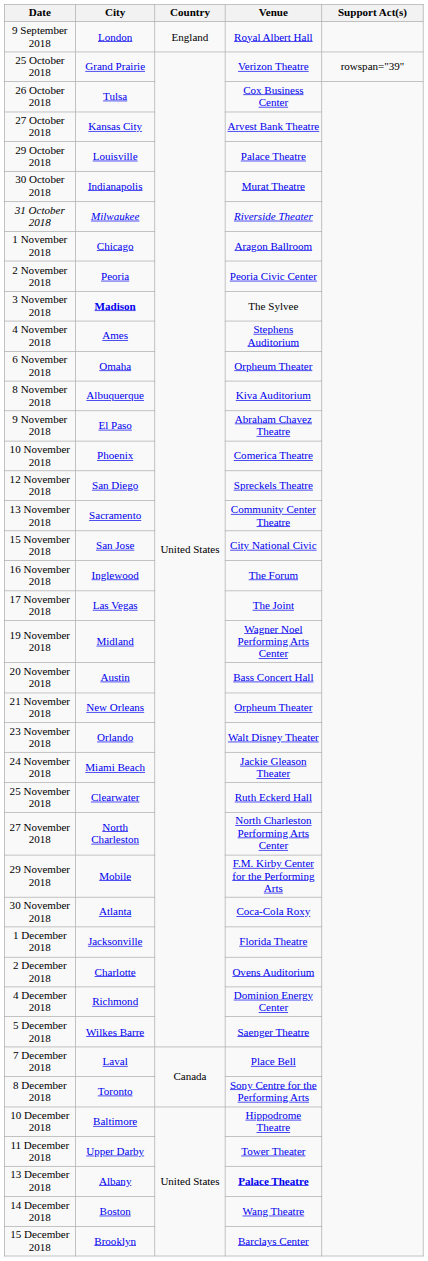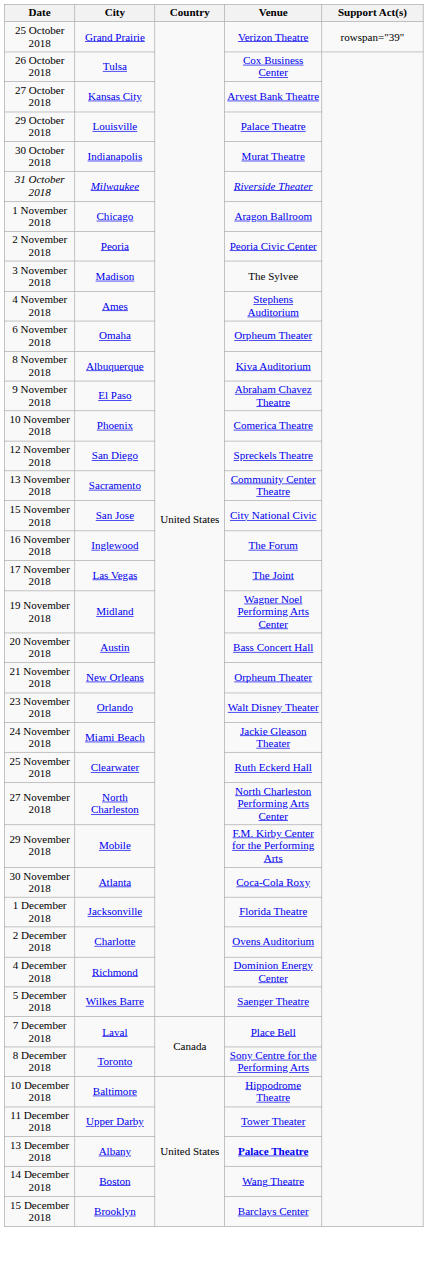 <table class="wikitable" style="text-align:center;">
 <tr>
 <th width="130">Date</th>
 <th width="140">City</th>
 <th width="140">Country</th>
 <th width="200">Venue</th>
 <th width="200">Support Act(s)</th>
-</tr>
-<tr>
-<td>9 September 2018</td>
-<td><a href='#'>London</a></td>
-<td>England</td>
-<td><a href='#'>Royal Albert Hall</a></td>
-<td></td>
 </tr>
 <tr>
 <td>25 October 2018</td>
 <td><a href='#'>Grand Prairie</a></td>
 <td rowspan="32">United States</td>
 <td><a href='#'>Verizon Theatre</a></td>
 <td>rowspan="39" </td>
 </tr>
 <tr>
 <td>26 October 2018</td>
 <td><a href='#'>Tulsa</a></td>
 <td><a href='#'>Cox Business Center</a></td>
 </tr>
 <tr>
 <td>27 October 2018</td>
 <td><a href='#'>Kansas City</a></td>
 <td><a href='#'>Arvest Bank Theatre</a></td>
 </tr>
 <tr>
 <td>29 October 2018</td>
 <td><a href='#'>Louisville</a></td>
 <td><a href='#'>Palace Theatre</a></td>
 </tr>
 <tr>
 <td>30 October 2018</td>
 <td><a href='#'>Indianapolis</a></td>
 <td><a href='#'>Murat Theatre</a></td>
 </tr>
 <tr>
 <td><em>31 October 2018</em></td>
 <td><em><a href='#'>Milwaukee</a></em></td>
 <td><em><a href='#'>Riverside Theater</a></em></td>
 </tr>
 <tr>
 <td>1 November 2018</td>
 <td><a href='#'>Chicago</a></td>
 <td><a href='#'>Aragon Ballroom</a></td>
 </tr>
 <tr>
 <td>2 November 2018</td>
 <td><a href='#'>Peoria</a></td>
 <td><a href='#'>Peoria Civic Center</a></td>
 </tr>
 <tr>
 <td>3 November 2018</td>
-<td><strong><a href='#'>Madison</a></strong></td>
+<td><a href='#'>Madison</a></td>
 <td>The Sylvee</td>
 </tr>
 <tr>
 <td>4 November 2018</td>
 <td><a href='#'>Ames</a></td>
 <td><a href='#'>Stephens Auditorium</a></td>
 </tr>
 <tr>
 <td>6 November 2018</td>
 <td><a href='#'>Omaha</a></td>
 <td><a href='#'>Orpheum Theater</a></td>
 </tr>
 <tr>
 <td>8 November 2018</td>
 <td><a href='#'>Albuquerque</a></td>
 <td><a href='#'>Kiva Auditorium</a></td>
 </tr>
 <tr>
 <td>9 November 2018</td>
 <td><a href='#'>El Paso</a></td>
 <td><a href='#'>Abraham Chavez Theatre</a></td>
 </tr>
 <tr>
 <td>10 November 2018</td>
 <td><a href='#'>Phoenix</a></td>
 <td><a href='#'>Comerica Theatre</a></td>
 </tr>
 <tr>
 <td>12 November 2018</td>
 <td><a href='#'>San Diego</a></td>
 <td><a href='#'>Spreckels Theatre</a></td>
 </tr>
 <tr>
 <td>13 November 2018</td>
 <td><a href='#'>Sacramento</a></td>
 <td><a href='#'>Community Center Theatre</a></td>
 </tr>
 <tr>
 <td>15 November 2018</td>
 <td><a href='#'>San Jose</a></td>
 <td><a href='#'>City National Civic</a></td>
 </tr>
 <tr>
 <td>16 November 2018</td>
 <td><a href='#'>Inglewood</a></td>
 <td><a href='#'>The Forum</a></td>
 </tr>
 <tr>
 <td>17 November 2018</td>
 <td><a href='#'>Las Vegas</a></td>
 <td><a href='#'>The Joint</a></td>
 </tr>
 <tr>
 <td>19 November 2018</td>
 <td><a href='#'>Midland</a></td>
 <td><a href='#'>Wagner Noel Performing Arts Center</a></td>
 </tr>
 <tr>
 <td>20 November 2018</td>
 <td><a href='#'>Austin</a></td>
 <td><a href='#'>Bass Concert Hall</a></td>
 </tr>
 <tr>
 <td>21 November 2018</td>
 <td><a href='#'>New Orleans</a></td>
 <td><a href='#'>Orpheum Theater</a></td>
 </tr>
 <tr>
 <td>23 November 2018</td>
 <td><a href='#'>Orlando</a></td>
 <td><a href='#'>Walt Disney Theater</a></td>
 </tr>
 <tr>
 <td>24 November 2018</td>
 <td><a href='#'>Miami Beach</a></td>
 <td><a href='#'>Jackie Gleason Theater</a></td>
 </tr>
 <tr>
 <td>25 November 2018</td>
 <td><a href='#'>Clearwater</a></td>
 <td><a href='#'>Ruth Eckerd Hall</a></td>
 </tr>
 <tr>
 <td>27 November 2018</td>
 <td><a href='#'>North Charleston</a></td>
 <td><a href='#'>North Charleston Performing Arts Center</a></td>
 </tr>
 <tr>
 <td>29 November 2018</td>
 <td><a href='#'>Mobile</a></td>
 <td><a href='#'>F.M. Kirby Center for the Performing Arts</a></td>
 </tr>
 <tr>
 <td>30 November 2018</td>
 <td><a href='#'>Atlanta</a></td>
 <td><a href='#'>Coca-Cola Roxy</a></td>
 </tr>
 <tr>
 <td>1 December 2018</td>
 <td><a href='#'>Jacksonville</a></td>
 <td><a href='#'>Florida Theatre</a></td>
 </tr>
 <tr>
 <td>2 December 2018</td>
 <td><a href='#'>Charlotte</a></td>
 <td><a href='#'>Ovens Auditorium</a></td>
 </tr>
 <tr>
 <td>4 December 2018</td>
 <td><a href='#'>Richmond</a></td>
 <td><a href='#'>Dominion Energy Center</a></td>
 </tr>
 <tr>
 <td>5 December 2018</td>
 <td><a href='#'>Wilkes Barre</a></td>
 <td><a href='#'>Saenger Theatre</a></td>
 </tr>
 <tr>
 <td>7 December 2018</td>
 <td><a href='#'>Laval</a></td>
 <td rowspan="2">Canada</td>
 <td><a href='#'>Place Bell</a></td>
 </tr>
 <tr>
 <td>8 December 2018</td>
 <td><a href='#'>Toronto</a></td>
 <td><a href='#'>Sony Centre for the Performing Arts</a></td>
 </tr>
 <tr>
 <td>10 December 2018</td>
 <td><a href='#'>Baltimore</a></td>
 <td rowspan="5">United States</td>
 <td><a href='#'>Hippodrome Theatre</a></td>
 </tr>
 <tr>
 <td>11 December 2018</td>
 <td><a href='#'>Upper Darby</a></td>
 <td><a href='#'>Tower Theater</a></td>
 </tr>
 <tr>
 <td>13 December 2018</td>
 <td><a href='#'>Albany</a></td>
 <td><strong><a href='#'>Palace Theatre</a></strong></td>
 </tr>
 <tr>
 <td>14 December 2018</td>
 <td><a href='#'>Boston</a></td>
 <td><a href='#'>Wang Theatre</a></td>
 </tr>
 <tr>
 <td>15 December 2018</td>
 <td><a href='#'>Brooklyn</a></td>
 <td><a href='#'>Barclays Center</a></td>
 </tr>
 </table>
